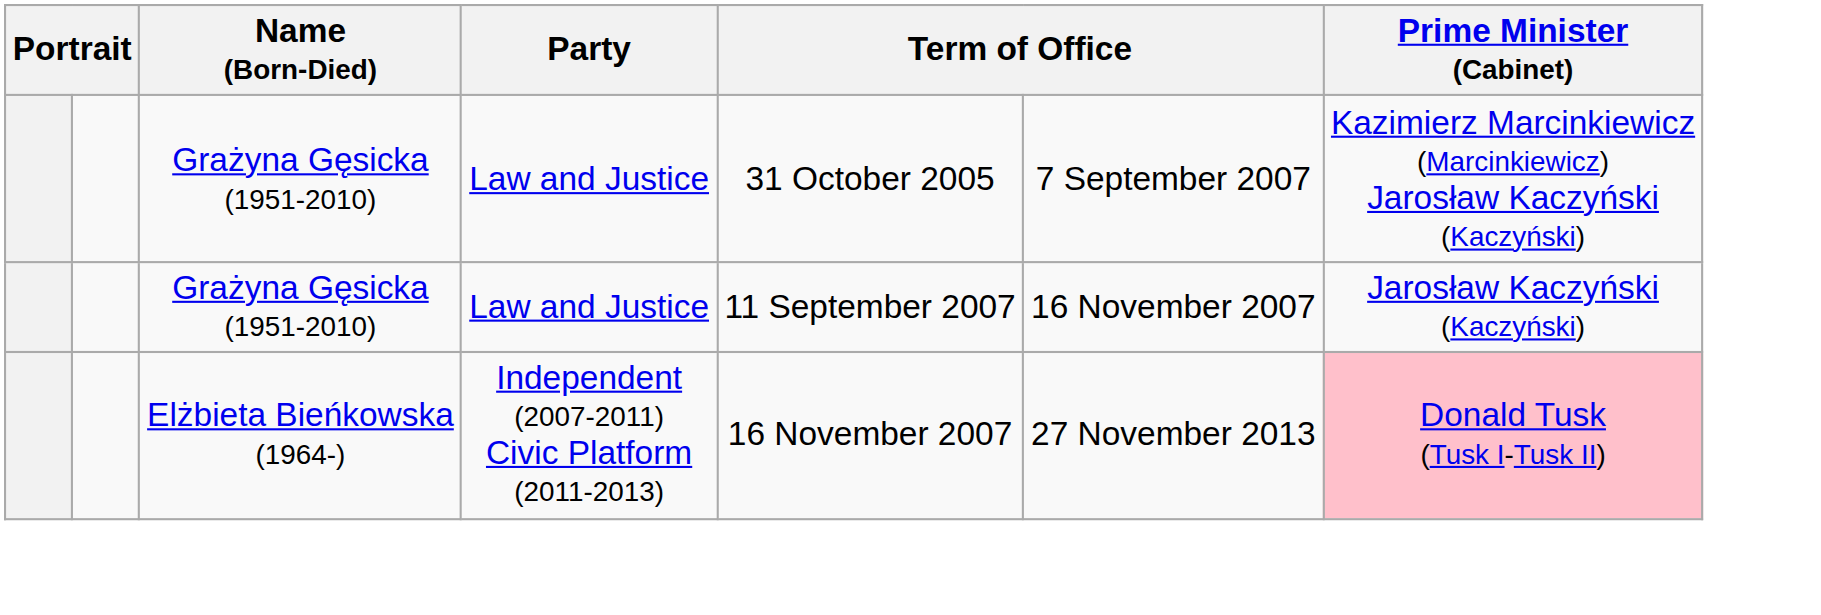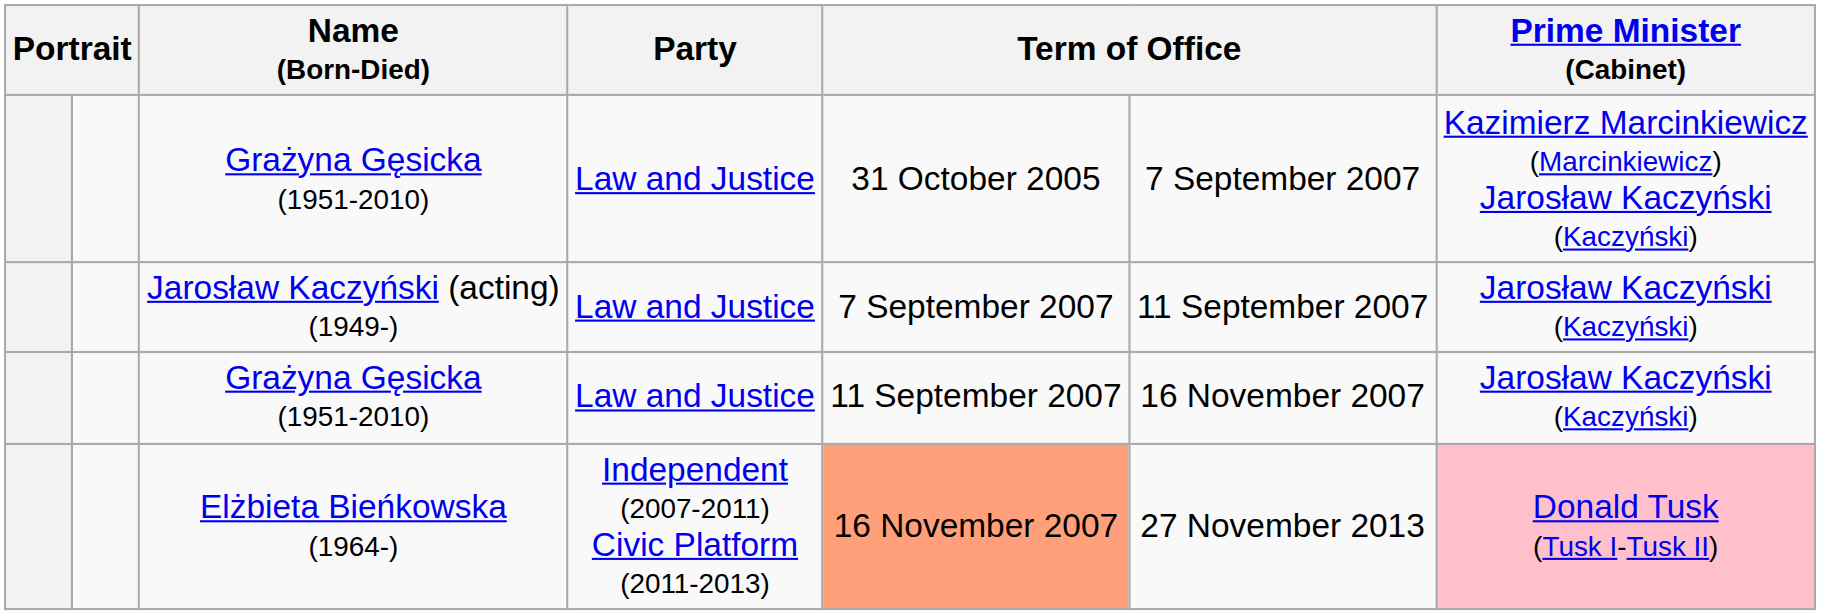 <table class="wikitable" style="text-align:center;">
 <tr>
 <th colspan=2>Portrait</th>
 <th>Name<br><small>(Born-Died)</small></th>
 <th>Party</th>
 <th colspan=2>Term of Office</th>
 <th><a href='#'>Prime Minister</a><br><small>(Cabinet)</small></th>
 </tr>
 <tr>
 <th ! style="background:"></th>
 <td></td>
 <td><a href='#'>Grażyna Gęsicka</a><br><small>(1951-2010)</small><br></td>
 <td><a href='#'>Law and Justice</a></td>
 <td>31 October 2005</td>
 <td>7 September 2007</td>
 <td><a href='#'>Kazimierz Marcinkiewicz</a> <br> <small>(<a href='#'>Marcinkiewicz</a>)</small> <br> <a href='#'>Jarosław Kaczyński</a><br> <small>(<a href='#'>Kaczyński</a>)</small></td>
 </tr>
 <tr>
 <th ! style="background:"></th>
 <td></td>
+<td><a href='#'>Jarosław Kaczyński</a> (acting)<br><small>(1949-)</small><br></td>
+<td><a href='#'>Law and Justice</a></td>
+<td>7 September 2007</td>
+<td>11 September 2007</td>
+<td><a href='#'>Jarosław Kaczyński</a><br><small> (<a href='#'>Kaczyński</a>)</small></td>
+</tr>
+<tr>
+<th ! style="background:"></th>
+<td></td>
 <td><a href='#'>Grażyna Gęsicka</a><br><small>(1951-2010)</small><br></td>
 <td><a href='#'>Law and Justice</a></td>
 <td>11 September 2007</td>
 <td>16 November 2007</td>
 <td><a href='#'>Jarosław Kaczyński</a><br><small> (<a href='#'>Kaczyński</a>)</small></td>
 </tr>
 <tr>
 <th ! style="background:"></th>
 <td></td>
 <td><a href='#'>Elżbieta Bieńkowska</a><br><small>(1964-)</small><br></td>
 <td><a href='#'>Independent</a> <br> <small>(2007-2011)</small> <br> <a href='#'>Civic Platform</a> <br> <small>(2011-2013)</small></td>
-<td>16 November 2007</td>
+<td style="background: lightsalmon;">16 November 2007</td>
 <td>27 November 2013</td>
 <td style="background: pink;"><a href='#'>Donald Tusk</a> <br><small> (<a href='#'>Tusk I</a>-<a href='#'>Tusk II</a>)</small></td>
 </tr>
 </table>
